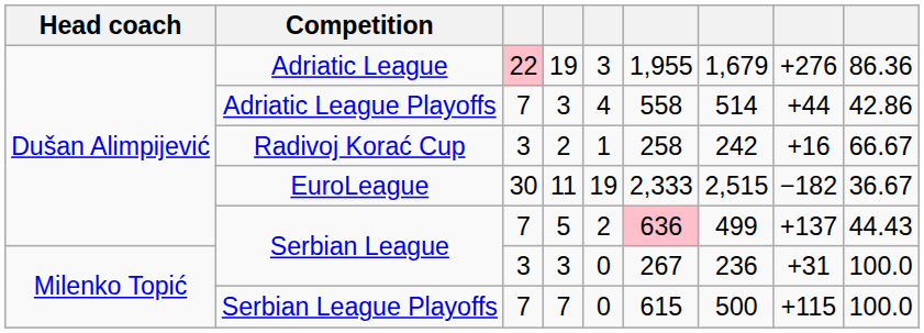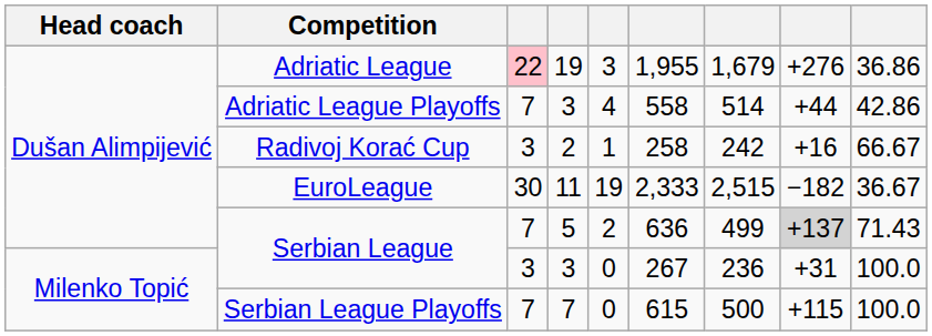 <table class="wikitable" style="font-size:95%; text-align:center;">
 <tr>
 <th>Head coach</th>
 <th>Competition</th>
 <th></th>
 <th></th>
 <th></th>
 <th></th>
 <th></th>
 <th></th>
 <th></th>
 </tr>
 <tr>
 <td rowspan=5><a href='#'>Dušan Alimpijević</a></td>
 <td><a href='#'>Adriatic League</a></td>
 <td style="background: pink;">22</td>
 <td>19</td>
 <td>3</td>
 <td>1,955</td>
 <td>1,679</td>
 <td>+276</td>
-<td>86.36</td>
+<td>36.86</td>
 </tr>
 <tr>
 <td><a href='#'>Adriatic League Playoffs</a></td>
 <td>7</td>
 <td>3</td>
 <td>4</td>
 <td>558</td>
 <td>514</td>
 <td>+44</td>
 <td>42.86</td>
 </tr>
 <tr>
 <td><a href='#'>Radivoj Korać Cup</a></td>
 <td>3</td>
 <td>2</td>
 <td>1</td>
 <td>258</td>
 <td>242</td>
 <td>+16</td>
 <td>66.67</td>
 </tr>
 <tr>
 <td><a href='#'>EuroLeague</a></td>
 <td>30</td>
 <td>11</td>
 <td>19</td>
 <td>2,333</td>
 <td>2,515</td>
 <td>−182</td>
 <td>36.67</td>
 </tr>
 <tr>
 <td rowspan=2><a href='#'>Serbian League</a></td>
 <td>7</td>
 <td>5</td>
 <td>2</td>
-<td style="background: pink;">636</td>
+<td>636</td>
 <td>499</td>
-<td>+137</td>
-<td>44.43</td>
+<td style="background: lightgrey;">+137</td>
+<td>71.43</td>
 </tr>
 <tr>
 <td rowspan=2><a href='#'>Milenko Topić</a></td>
 <td>3</td>
 <td>3</td>
 <td>0</td>
 <td>267</td>
 <td>236</td>
 <td>+31</td>
 <td>100.0</td>
 </tr>
 <tr>
 <td><a href='#'>Serbian League Playoffs</a></td>
 <td>7</td>
 <td>7</td>
 <td>0</td>
 <td>615</td>
 <td>500</td>
 <td>+115</td>
 <td>100.0</td>
 </tr>
 </table>
